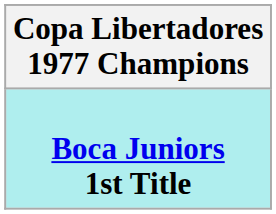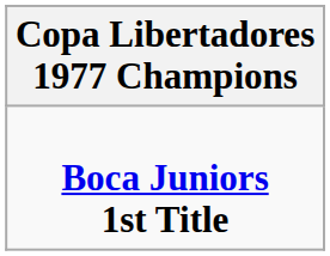 <table class="wikitable" style="text-align: center; margin: 0 auto;">
 <tr>
 <th>Copa Libertadores<br>1977 Champions</th>
 </tr>
 <tr>
-<td style="background: paleturquoise;"><br><strong><a href='#'>Boca Juniors</a></strong><br><strong>1st Title</strong></td>
+<td><br><strong><a href='#'>Boca Juniors</a></strong><br><strong>1st Title</strong></td>
 </tr>
 </table>
